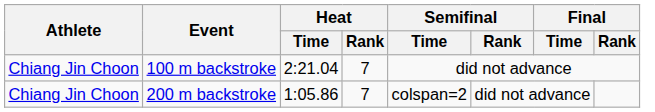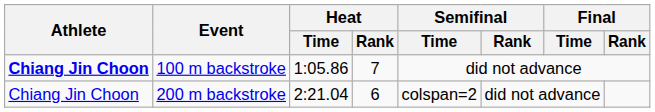 <table class=wikitable style="font-size:90%">
 <tr>
 <th rowspan=2>Athlete</th>
 <th rowspan=2>Event</th>
 <th colspan="2">Heat</th>
 <th colspan="2">Semifinal</th>
 <th colspan="2">Final</th>
 </tr>
 <tr style="font-size:95%">
 <th>Time</th>
 <th>Rank</th>
 <th>Time</th>
 <th>Rank</th>
 <th>Time</th>
 <th>Rank</th>
 </tr>
 <tr align=center>
-<td align=left><a href='#'>Chiang Jin Choon</a></td>
+<td align=left><strong><a href='#'>Chiang Jin Choon</a></strong></td>
 <td align=left><a href='#'>100 m backstroke</a></td>
-<td>2:21.04</td>
+<td>1:05.86</td>
 <td>7</td>
 <td colspan=4>did not advance</td>
 </tr>
 <tr align=center>
 <td align=left><a href='#'>Chiang Jin Choon</a></td>
 <td align=left><a href='#'>200 m backstroke</a></td>
-<td>1:05.86</td>
-<td>7</td>
+<td>2:21.04</td>
+<td>6</td>
 <td>colspan=2 </td>
 <td colspan=2>did not advance</td>
 </tr>
 </table>
